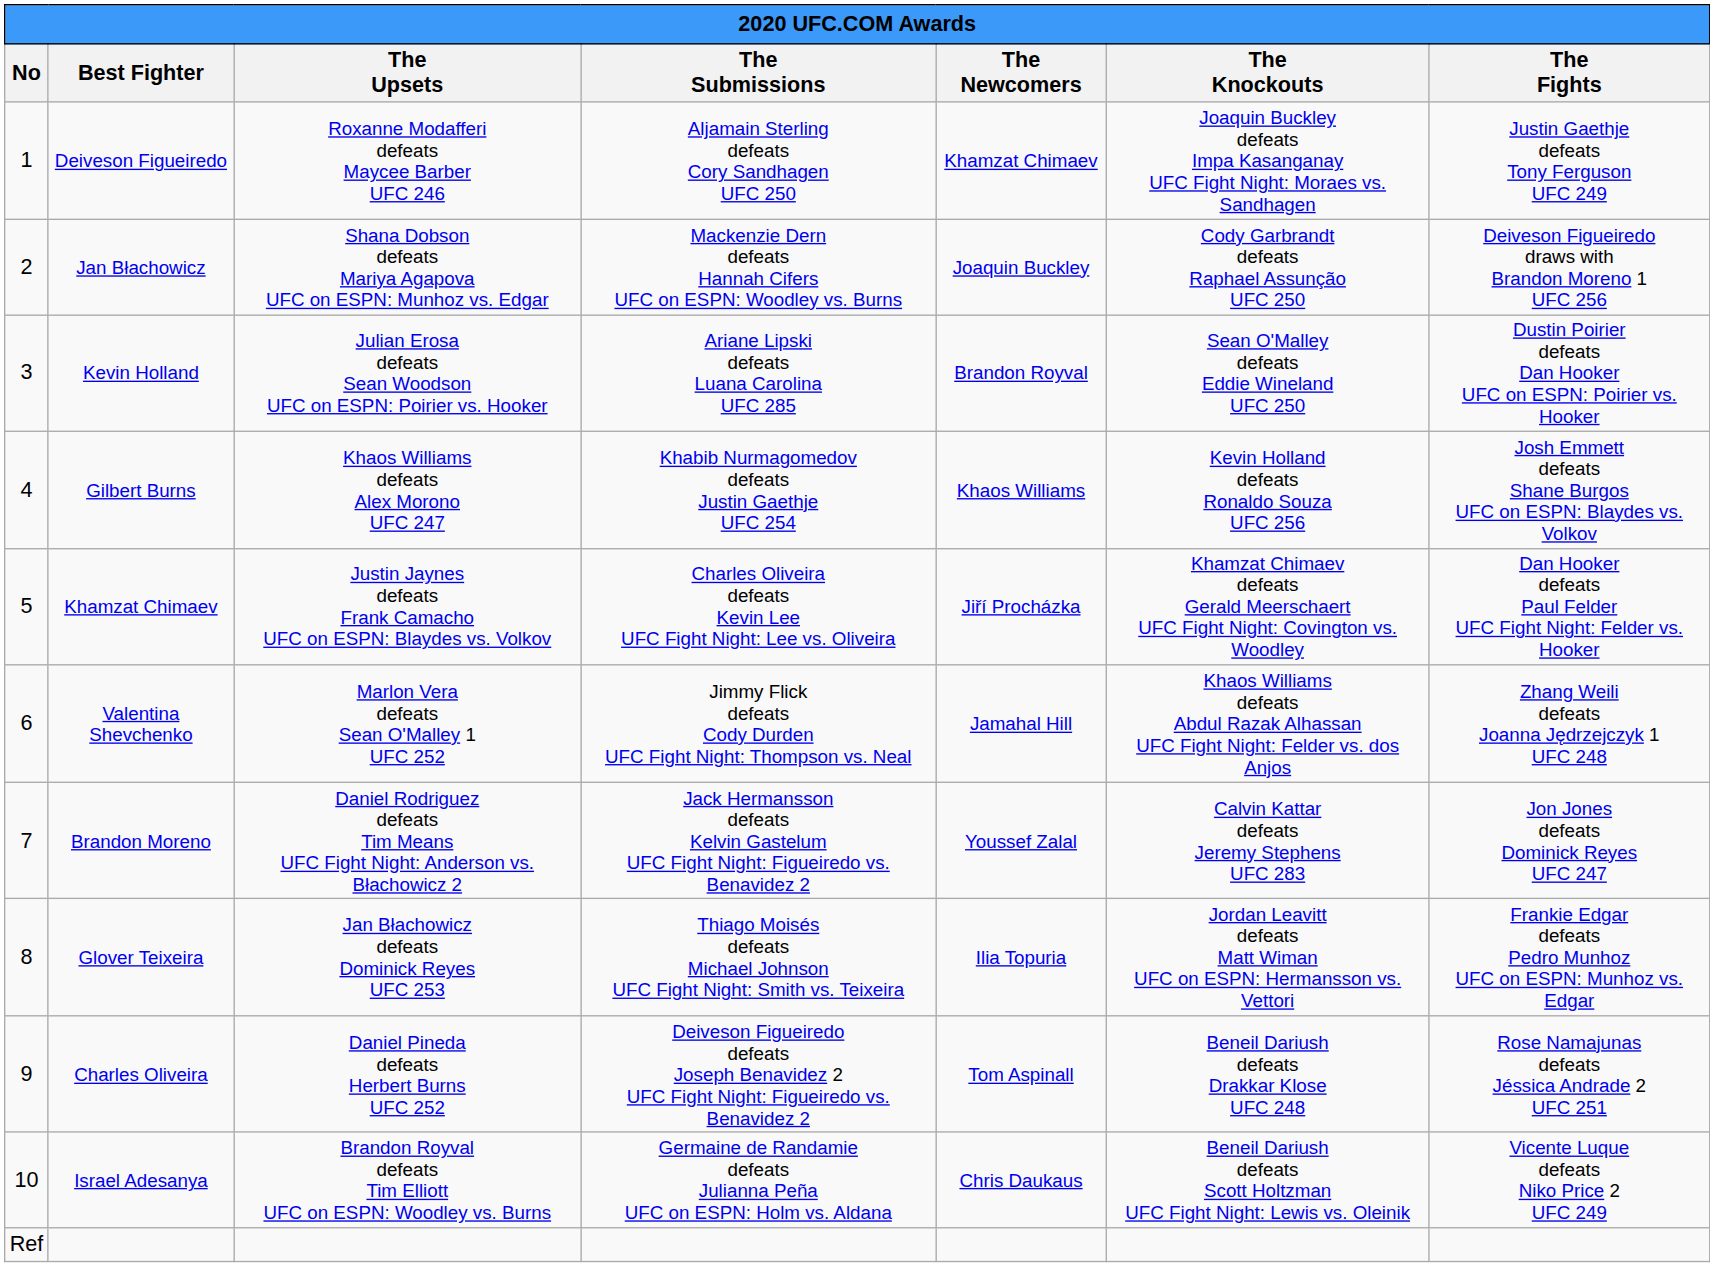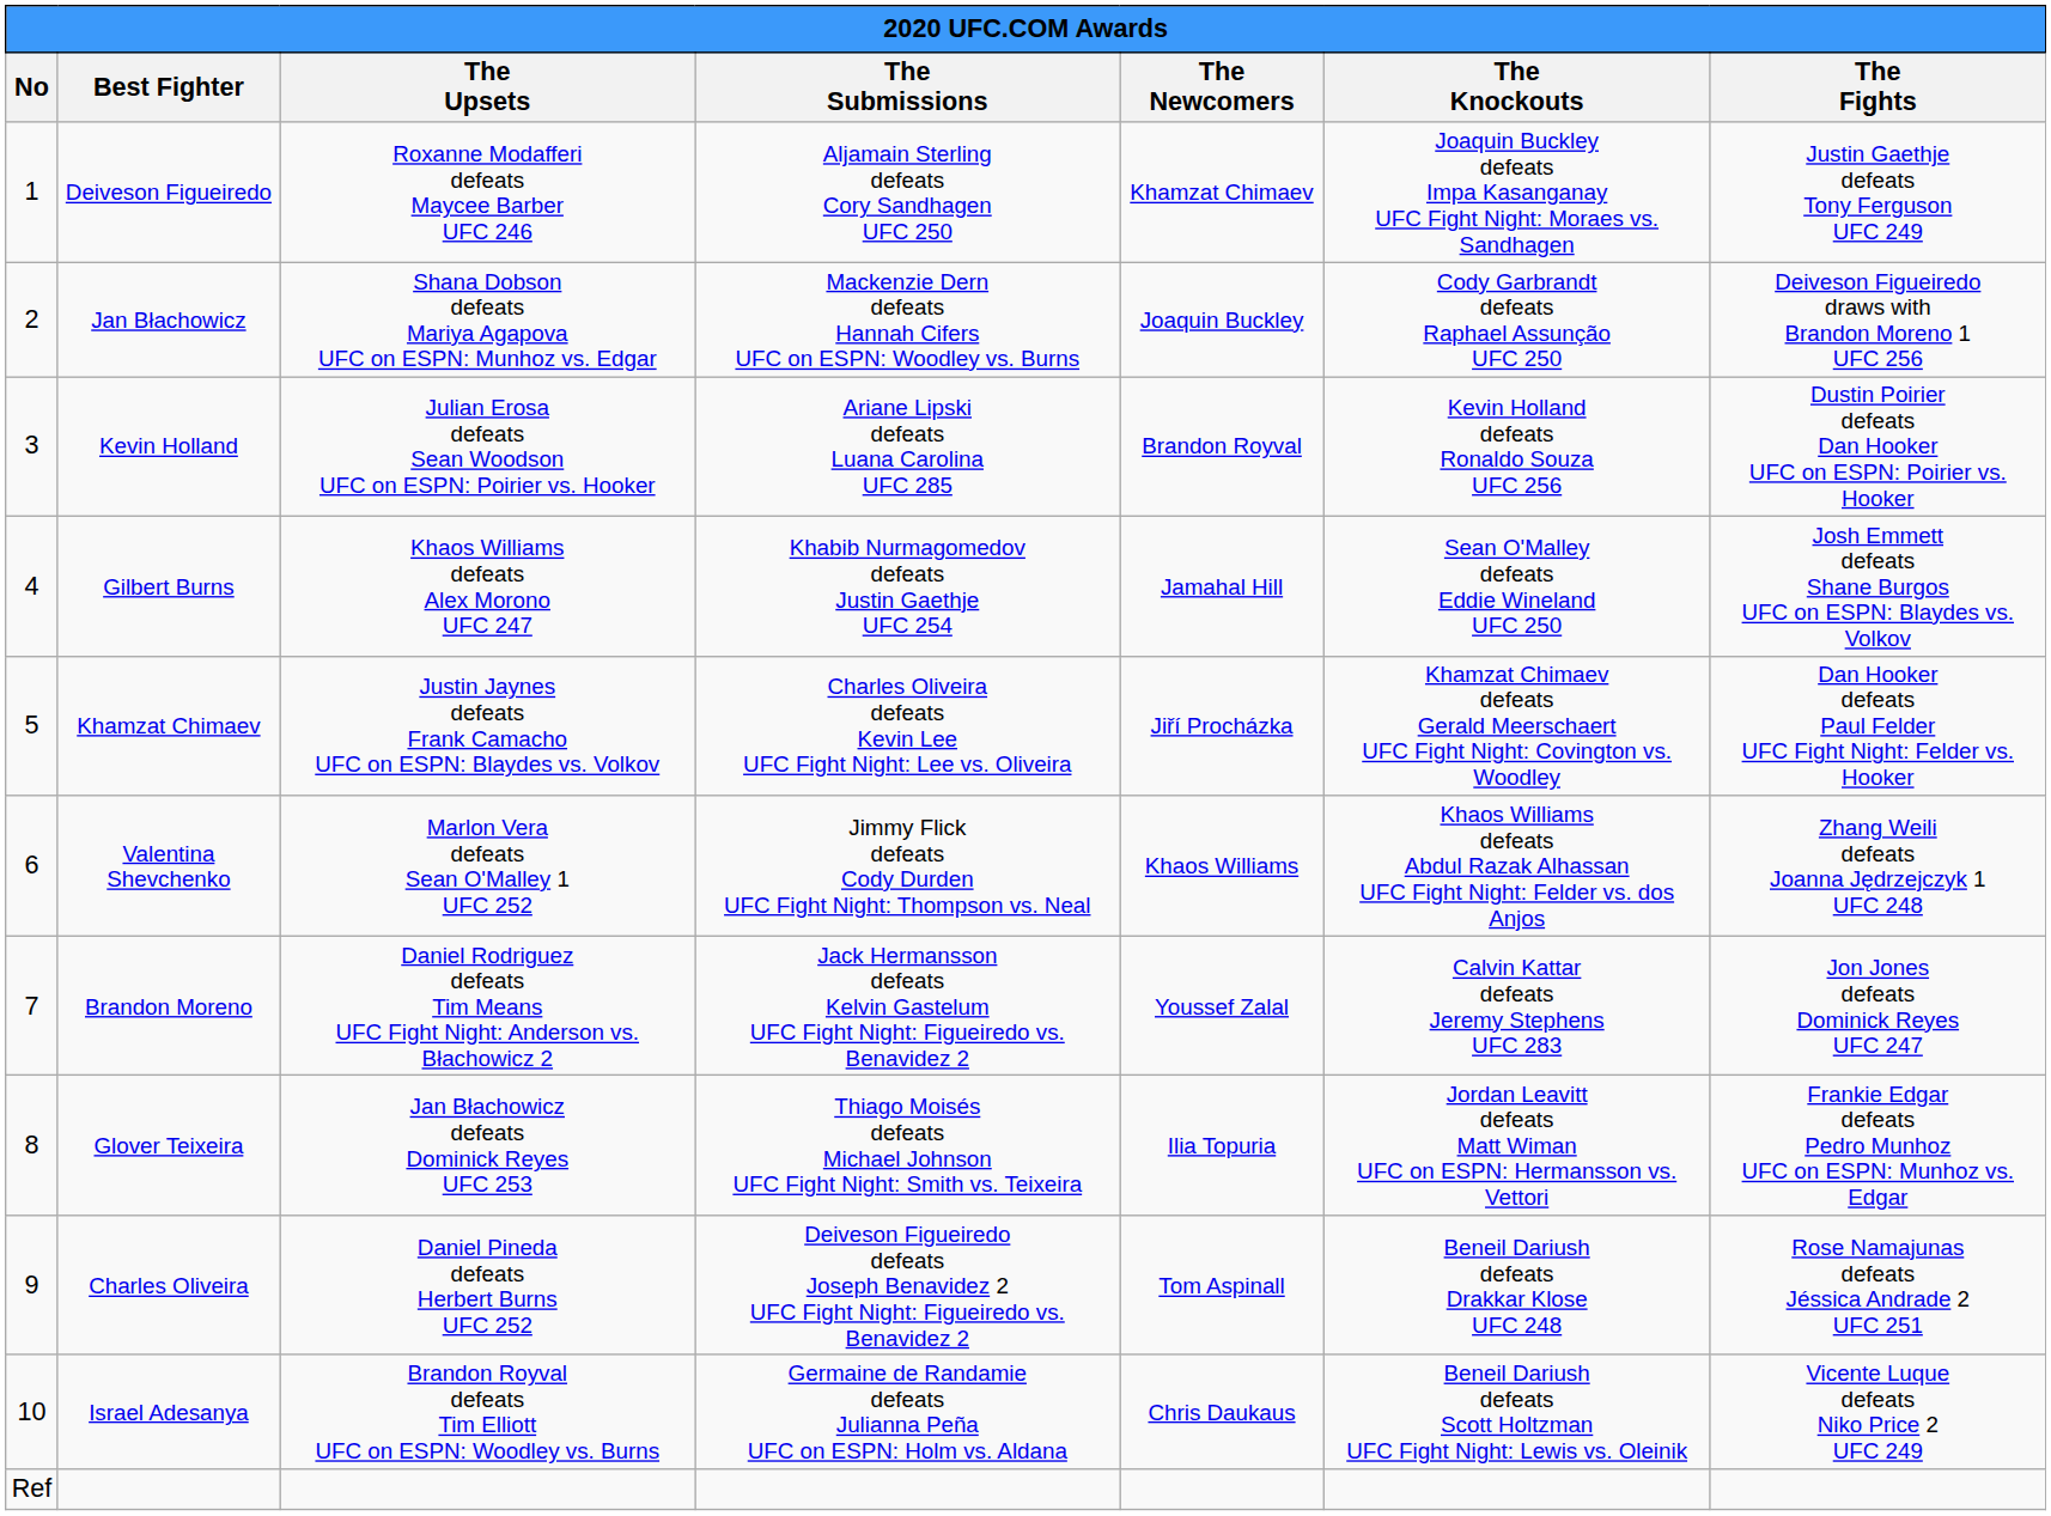 <table class="wikitable" width="100%" style="text-align:Center">
 <tr>
 <th colspan="7" style="border: 1px solid black; padding: 5px; background: #3B99FA;">2020 UFC.COM Awards</th>
 </tr>
 <tr>
 <th>No</th>
 <th>Best Fighter</th>
 <th>The<br>Upsets</th>
 <th>The<br>Submissions</th>
 <th>The Newcomers</th>
 <th>The<br>Knockouts</th>
 <th>The<br>Fights</th>
 </tr>
 <tr>
 <td>1</td>
 <td style="font-size:87%"><a href='#'>Deiveson Figueiredo</a></td>
 <td style="font-size:87%"><a href='#'>Roxanne Modafferi</a> <br> defeats <br> <a href='#'>Maycee Barber</a> <br> <a href='#'>UFC 246</a></td>
 <td style="font-size:87%"><a href='#'>Aljamain Sterling</a> <br> defeats  <br> <a href='#'>Cory Sandhagen</a> <br> <a href='#'>UFC 250</a></td>
 <td style="font-size:87%"><a href='#'>Khamzat Chimaev</a></td>
 <td style="font-size:87%"><a href='#'>Joaquin Buckley</a> <br> defeats <br> <a href='#'>Impa Kasanganay</a> <br> <a href='#'>UFC Fight Night: Moraes vs. Sandhagen</a></td>
 <td style="font-size:87%"><a href='#'>Justin Gaethje</a> <br> defeats <br> <a href='#'>Tony Ferguson</a> <br> <a href='#'>UFC 249</a></td>
 </tr>
 <tr>
 <td>2</td>
 <td style="font-size:87%"><a href='#'>Jan Błachowicz</a></td>
 <td style="font-size:87%"><a href='#'>Shana Dobson</a> <br> defeats <br> <a href='#'>Mariya Agapova</a> <br> <a href='#'>UFC on ESPN: Munhoz vs. Edgar</a></td>
 <td style="font-size:87%"><a href='#'>Mackenzie Dern</a> <br> defeats  <br> <a href='#'>Hannah Cifers</a> <br> <a href='#'>UFC on ESPN: Woodley vs. Burns</a></td>
 <td style="font-size:87%"><a href='#'>Joaquin Buckley</a></td>
 <td style="font-size:87%"><a href='#'>Cody Garbrandt</a> <br> defeats <br> <a href='#'>Raphael Assunção</a> <br> <a href='#'>UFC 250</a></td>
 <td style="font-size:87%"><a href='#'>Deiveson Figueiredo</a> <br> draws with <br> <a href='#'>Brandon Moreno</a> 1 <br> <a href='#'>UFC 256</a></td>
 </tr>
 <tr>
 <td>3</td>
 <td style="font-size:87%"><a href='#'>Kevin Holland</a></td>
 <td style="font-size:87%"><a href='#'>Julian Erosa</a> <br> defeats  <br> <a href='#'>Sean Woodson</a> <br> <a href='#'>UFC on ESPN: Poirier vs. Hooker</a></td>
 <td style="font-size:87%"><a href='#'>Ariane Lipski</a> <br> defeats <br> <a href='#'>Luana Carolina</a> <br> <a href='#'>UFC 285</a></td>
 <td style="font-size:87%"><a href='#'>Brandon Royval</a></td>
-<td style="font-size:87%"><a href='#'>Sean O'Malley</a> <br> defeats <br> <a href='#'>Eddie Wineland</a> <br> <a href='#'>UFC 250</a></td>
+<td style="font-size:87%"><a href='#'>Kevin Holland</a> <br> defeats <br> <a href='#'>Ronaldo Souza</a> <br> <a href='#'>UFC 256</a></td>
 <td style="font-size:87%"><a href='#'>Dustin Poirier</a> <br> defeats <br> <a href='#'>Dan Hooker</a> <br> <a href='#'>UFC on ESPN: Poirier vs. Hooker</a></td>
 </tr>
 <tr>
 <td>4</td>
 <td style="font-size:87%"><a href='#'>Gilbert Burns</a></td>
 <td style="font-size:87%"><a href='#'>Khaos Williams</a> <br> defeats <br> <a href='#'>Alex Morono</a> <br> <a href='#'>UFC 247</a></td>
 <td style="font-size:87%"><a href='#'>Khabib Nurmagomedov</a> <br> defeats <br> <a href='#'>Justin Gaethje</a> <br> <a href='#'>UFC 254</a></td>
-<td style="font-size:87%"><a href='#'>Khaos Williams</a></td>
-<td style="font-size:87%"><a href='#'>Kevin Holland</a> <br> defeats <br> <a href='#'>Ronaldo Souza</a> <br> <a href='#'>UFC 256</a></td>
+<td style="font-size:87%"><a href='#'>Jamahal Hill</a></td>
+<td style="font-size:87%"><a href='#'>Sean O'Malley</a> <br> defeats <br> <a href='#'>Eddie Wineland</a> <br> <a href='#'>UFC 250</a></td>
 <td style="font-size:87%"><a href='#'>Josh Emmett</a> <br> defeats <br> <a href='#'>Shane Burgos</a> <br> <a href='#'>UFC on ESPN: Blaydes vs. Volkov</a></td>
 </tr>
 <tr>
 <td>5</td>
 <td style="font-size:87%"><a href='#'>Khamzat Chimaev</a></td>
 <td style="font-size:87%"><a href='#'>Justin Jaynes</a> <br> defeats <br> <a href='#'>Frank Camacho</a> <br> <a href='#'>UFC on ESPN: Blaydes vs. Volkov</a></td>
 <td style="font-size:87%"><a href='#'>Charles Oliveira</a> <br> defeats <br> <a href='#'>Kevin Lee</a> <br> <a href='#'>UFC Fight Night: Lee vs. Oliveira</a></td>
 <td style="font-size:87%"><a href='#'>Jiří Procházka</a></td>
 <td style="font-size:87%"><a href='#'>Khamzat Chimaev</a> <br> defeats <br> <a href='#'>Gerald Meerschaert</a><br> <a href='#'>UFC Fight Night: Covington vs. Woodley</a></td>
 <td style="font-size:87%"><a href='#'>Dan Hooker</a> <br> defeats <br> <a href='#'>Paul Felder</a>  <br> <a href='#'>UFC Fight Night: Felder vs. Hooker</a></td>
 </tr>
 <tr>
 <td>6</td>
 <td style="font-size:87%"><a href='#'>Valentina Shevchenko</a></td>
 <td style="font-size:87%"><a href='#'>Marlon Vera</a> <br> defeats <br> <a href='#'>Sean O'Malley</a> 1<br> <a href='#'>UFC 252</a></td>
 <td style="font-size:87%">Jimmy Flick <br> defeats <br> <a href='#'>Cody Durden</a> <br> <a href='#'>UFC Fight Night: Thompson vs. Neal</a></td>
-<td style="font-size:87%"><a href='#'>Jamahal Hill</a></td>
+<td style="font-size:87%"><a href='#'>Khaos Williams</a></td>
 <td style="font-size:87%"><a href='#'>Khaos Williams</a> <br> defeats <br> <a href='#'>Abdul Razak Alhassan</a> <br> <a href='#'>UFC Fight Night: Felder vs. dos Anjos</a></td>
 <td style="font-size:87%"><a href='#'>Zhang Weili</a> <br> defeats <br> <a href='#'>Joanna Jędrzejczyk</a> 1 <br> <a href='#'>UFC 248</a></td>
 </tr>
 <tr>
 <td>7</td>
 <td style="font-size:87%"><a href='#'>Brandon Moreno</a></td>
 <td style="font-size:87%"><a href='#'>Daniel Rodriguez</a> <br> defeats <br> <a href='#'>Tim Means</a> <br> <a href='#'>UFC Fight Night: Anderson vs. Błachowicz 2</a></td>
 <td style="font-size:87%"><a href='#'>Jack Hermansson</a> <br> defeats <br> <a href='#'>Kelvin Gastelum</a> <br> <a href='#'>UFC Fight Night: Figueiredo vs. Benavidez 2</a></td>
 <td style="font-size:87%"><a href='#'>Youssef Zalal</a></td>
 <td style="font-size:87%"><a href='#'>Calvin Kattar</a> <br> defeats <br> <a href='#'>Jeremy Stephens</a> <br> <a href='#'>UFC 283</a></td>
 <td style="font-size:87%"><a href='#'>Jon Jones</a> <br> defeats <br> <a href='#'>Dominick Reyes</a> <br> <a href='#'>UFC 247</a></td>
 </tr>
 <tr>
 <td>8</td>
 <td style="font-size:87%"><a href='#'>Glover Teixeira</a></td>
 <td style="font-size:87%"><a href='#'>Jan Błachowicz</a><br> defeats <br> <a href='#'>Dominick Reyes</a> <br> <a href='#'>UFC 253</a></td>
 <td style="font-size:87%"><a href='#'>Thiago Moisés</a> <br> defeats <br> <a href='#'>Michael Johnson</a> <br> <a href='#'>UFC Fight Night: Smith vs. Teixeira</a></td>
 <td style="font-size:87%"><a href='#'>Ilia Topuria</a></td>
 <td style="font-size:87%"><a href='#'>Jordan Leavitt</a> <br> defeats <br> <a href='#'>Matt Wiman</a> <br> <a href='#'>UFC on ESPN: Hermansson vs. Vettori</a></td>
 <td style="font-size:87%"><a href='#'>Frankie Edgar</a> <br> defeats <br> <a href='#'>Pedro Munhoz</a><br> <a href='#'>UFC on ESPN: Munhoz vs. Edgar</a></td>
 </tr>
 <tr>
 <td>9</td>
 <td style="font-size:87%"><a href='#'>Charles Oliveira</a></td>
 <td style="font-size:87%"><a href='#'>Daniel Pineda</a> <br> defeats <br>  <a href='#'>Herbert Burns</a> <br> <a href='#'>UFC 252</a></td>
 <td style="font-size:87%"><a href='#'>Deiveson Figueiredo</a> <br> defeats <br> <a href='#'>Joseph Benavidez</a> 2 <br> <a href='#'>UFC Fight Night: Figueiredo vs. Benavidez 2</a></td>
 <td style="font-size:87%"><a href='#'>Tom Aspinall</a></td>
 <td style="font-size:87%"><a href='#'>Beneil Dariush</a> <br> defeats <br> <a href='#'>Drakkar Klose</a> <br> <a href='#'>UFC 248</a></td>
 <td style="font-size:87%"><a href='#'>Rose Namajunas</a> <br> defeats <br> <a href='#'>Jéssica Andrade</a> 2 <br> <a href='#'>UFC 251</a></td>
 </tr>
 <tr>
 <td>10</td>
 <td style="font-size:87%"><a href='#'>Israel Adesanya</a></td>
 <td style="font-size:87%"><a href='#'>Brandon Royval</a> <br> defeats <br> <a href='#'>Tim Elliott</a> <br> <a href='#'>UFC on ESPN: Woodley vs. Burns</a></td>
 <td style="font-size:87%"><a href='#'>Germaine de Randamie</a> <br> defeats <br> <a href='#'>Julianna Peña</a> <br> <a href='#'>UFC on ESPN: Holm vs. Aldana</a></td>
 <td style="font-size:87%"><a href='#'>Chris Daukaus</a></td>
 <td style="font-size:87%"><a href='#'>Beneil Dariush</a><br> defeats <br> <a href='#'>Scott Holtzman</a> <br> <a href='#'>UFC Fight Night: Lewis vs. Oleinik</a></td>
 <td style="font-size:87%"><a href='#'>Vicente Luque</a> <br> defeats <br> <a href='#'>Niko Price</a> 2 <br> <a href='#'>UFC 249</a></td>
 </tr>
 <tr>
 <td>Ref</td>
 <td></td>
 <td></td>
 <td></td>
 <td></td>
 <td></td>
 <td></td>
 </tr>
 </table>
